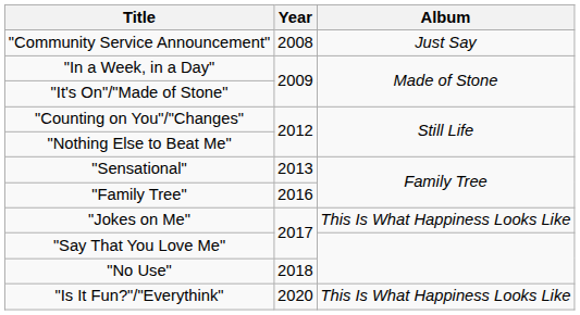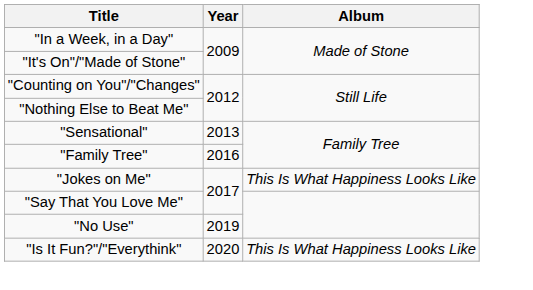 <table class="wikitable plainrowheaders" style="text-align:center;" border="1">
 <tr>
 <th>Title</th>
 <th>Year</th>
 <th>Album</th>
-</tr>
-<tr>
-<td>"Community Service Announcement"</td>
-<td>2008</td>
-<td><em>Just Say</em></td>
 </tr>
 <tr>
 <td>"In a Week, in a Day"</td>
 <td rowspan="2">2009</td>
 <td rowspan="2"><em>Made of Stone</em></td>
 </tr>
 <tr>
 <td>"It's On"/"Made of Stone"</td>
 </tr>
 <tr>
 <td>"Counting on You"/"Changes"</td>
 <td rowspan="2">2012</td>
 <td rowspan="2"><em>Still Life</em></td>
 </tr>
 <tr>
 <td>"Nothing Else to Beat Me"</td>
 </tr>
 <tr>
 <td>"Sensational"</td>
 <td>2013</td>
 <td rowspan="2"><em>Family Tree</em></td>
 </tr>
 <tr>
 <td>"Family Tree"</td>
 <td>2016</td>
 </tr>
 <tr>
 <td>"Jokes on Me" </td>
 <td rowspan="2">2017</td>
 <td><em>This Is What Happiness Looks Like</em></td>
 </tr>
 <tr>
 <td>"Say That You Love Me" </td>
 </tr>
 <tr>
 <td>"No Use" </td>
-<td>2018</td>
+<td>2019</td>
 </tr>
 <tr>
 <td>"Is It Fun?"/"Everythink"</td>
 <td>2020</td>
 <td><em>This Is What Happiness Looks Like</em></td>
 </tr>
 </table>
